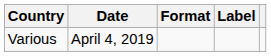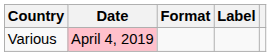 <table class="wikitable">
 <tr>
 <th>Country</th>
 <th>Date</th>
 <th>Format</th>
 <th>Label</th>
 <th></th>
 </tr>
 <tr>
 <td>Various</td>
-<td>April 4, 2019</td>
+<td style="background: pink;">April 4, 2019</td>
 <td></td>
 <td></td>
 </tr>
 </table>
